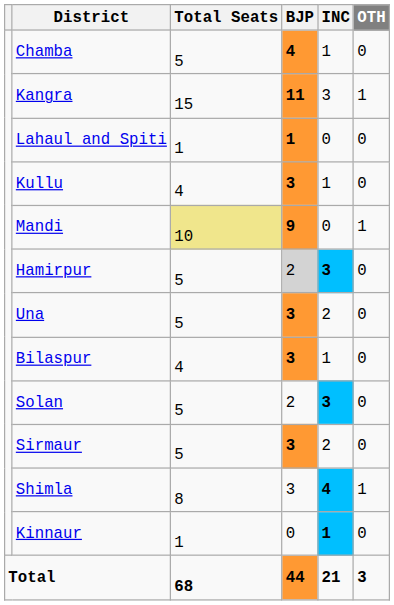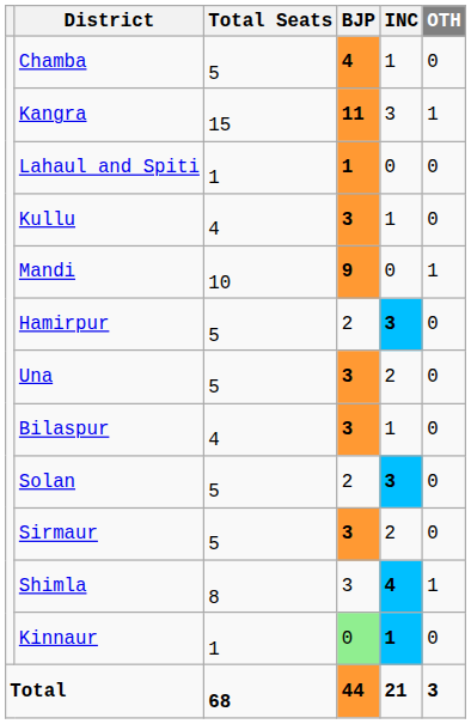 <table class="wikitable sortable" style="text-align:centre;">
 <tr>
 <th></th>
 <th>District</th>
 <th>Total Seats</th>
 <th style="background:">BJP</th>
 <th style="background:">INC</th>
 <th style="background:grey; color:white;">OTH</th>
 </tr>
 <tr>
 <td rowspan="12"></td>
 <td><a href='#'>Chamba</a></td>
 <td><br>5</td>
 <td style="background:#FF9933"><strong>4</strong></td>
 <td>1</td>
 <td>0</td>
 </tr>
 <tr>
 <td><a href='#'>Kangra</a></td>
 <td><br>15</td>
 <td style="background:#FF9933"><strong>11</strong></td>
 <td>3</td>
 <td>1</td>
 </tr>
 <tr>
 <td><a href='#'>Lahaul and Spiti</a></td>
 <td><br>1</td>
 <td style="background:#FF9933"><strong>1</strong></td>
 <td>0</td>
 <td>0</td>
 </tr>
 <tr>
 <td><a href='#'>Kullu</a></td>
 <td><br>4</td>
 <td style="background:#FF9933"><strong>3</strong></td>
 <td>1</td>
 <td>0</td>
 </tr>
 <tr>
 <td><a href='#'>Mandi</a></td>
-<td style="background: khaki;"><br>10</td>
+<td><br>10</td>
 <td style="background:#FF9933"><strong>9</strong></td>
 <td>0</td>
 <td>1</td>
 </tr>
 <tr>
 <td><a href='#'>Hamirpur</a></td>
 <td><br>5</td>
-<td style="background: lightgrey;">2</td>
+<td>2</td>
 <td style="background:#00BFFF"><strong>3</strong></td>
 <td>0</td>
 </tr>
 <tr>
 <td><a href='#'>Una</a></td>
 <td><br>5</td>
 <td style="background:#FF9933"><strong>3</strong></td>
 <td>2</td>
 <td>0</td>
 </tr>
 <tr>
 <td><a href='#'>Bilaspur</a></td>
 <td><br>4</td>
 <td style="background:#FF9933"><strong>3</strong></td>
 <td>1</td>
 <td>0</td>
 </tr>
 <tr>
 <td><a href='#'>Solan</a></td>
 <td><br>5</td>
 <td>2</td>
 <td style="background:#00BFFF"><strong>3</strong></td>
 <td>0</td>
 </tr>
 <tr>
 <td><a href='#'>Sirmaur</a></td>
 <td><br>5</td>
 <td style="background:#FF9933"><strong>3</strong></td>
 <td>2</td>
 <td>0</td>
 </tr>
 <tr>
 <td><a href='#'>Shimla</a></td>
 <td><br>8</td>
 <td>3</td>
 <td style="background:#00BFFF"><strong>4</strong></td>
 <td>1</td>
 </tr>
 <tr>
 <td><a href='#'>Kinnaur</a></td>
 <td><br>1</td>
-<td>0</td>
+<td style="background: lightgreen;">0</td>
 <td style="background:#00BFFF"><strong>1</strong></td>
 <td>0</td>
 </tr>
 <tr>
 <td colspan="2"><strong> Total </strong></td>
 <td><br><strong> 68 </strong></td>
 <td style="background:#FF9933"><strong>44</strong></td>
 <td><strong>21</strong></td>
 <td><strong>3</strong></td>
 </tr>
 </table>
